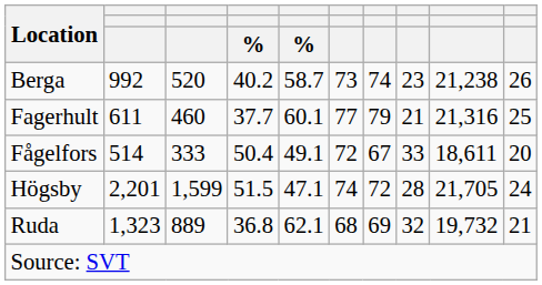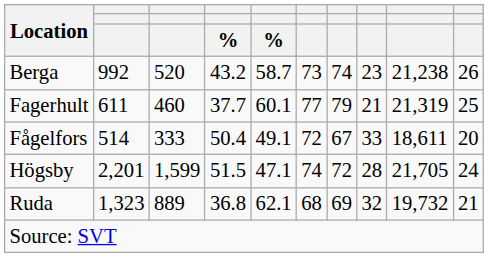 <table role="presentation" class="wikitable sortable mw-collapsible">
 <tr>
 <th rowspan="3">Location</th>
 <th></th>
 <th></th>
 <th></th>
 <th></th>
 <th></th>
 <th></th>
 <th></th>
 <th></th>
 <th></th>
 </tr>
 <tr>
 <th></th>
 <th></th>
 <th style="background:"></th>
 <th style="background:"></th>
 <th></th>
 <th></th>
 <th></th>
 <th></th>
 <th></th>
 </tr>
 <tr>
 <th data-sort-type="number"></th>
 <th data-sort-type="number"></th>
 <th data-sort-type="number">%</th>
 <th data-sort-type="number">%</th>
 <th data-sort-type="number"></th>
 <th data-sort-type="number"></th>
 <th data-sort-type="number"></th>
 <th data-sort-type="number"></th>
 <th data-sort-type="number"></th>
 </tr>
 <tr>
 <td align="left">Berga</td>
 <td>992</td>
 <td>520</td>
-<td>40.2</td>
+<td>43.2</td>
 <td>58.7</td>
 <td>73</td>
 <td>74</td>
 <td>23</td>
 <td>21,238</td>
 <td>26</td>
 </tr>
 <tr>
 <td align="left">Fagerhult</td>
 <td>611</td>
 <td>460</td>
 <td>37.7</td>
 <td>60.1</td>
 <td>77</td>
 <td>79</td>
 <td>21</td>
-<td>21,316</td>
+<td>21,319</td>
 <td>25</td>
 </tr>
 <tr>
 <td align="left">Fågelfors</td>
 <td>514</td>
 <td>333</td>
 <td>50.4</td>
 <td>49.1</td>
 <td>72</td>
 <td>67</td>
 <td>33</td>
 <td>18,611</td>
 <td>20</td>
 </tr>
 <tr>
 <td align="left">Högsby</td>
 <td>2,201</td>
 <td>1,599</td>
 <td>51.5</td>
 <td>47.1</td>
 <td>74</td>
 <td>72</td>
 <td>28</td>
 <td>21,705</td>
 <td>24</td>
 </tr>
 <tr>
 <td align="left">Ruda</td>
 <td>1,323</td>
 <td>889</td>
 <td>36.8</td>
 <td>62.1</td>
 <td>68</td>
 <td>69</td>
 <td>32</td>
 <td>19,732</td>
 <td>21</td>
 </tr>
 <tr>
 <td colspan="10" align="left">Source: <a href='#'>SVT</a></td>
 </tr>
 </table>
